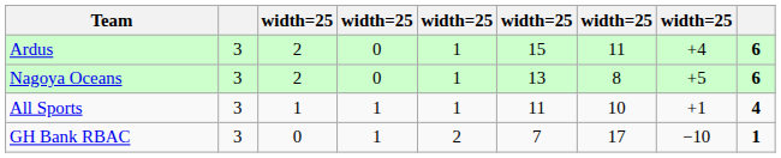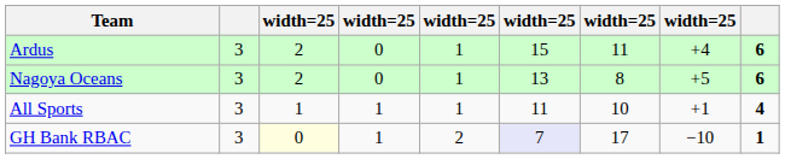 <table class="wikitable" style="text-align: center; font-size: 90%;">
 <tr>
 <th width="165">Team</th>
 <th width=25></th>
 <th>width=25</th>
 <th>width=25</th>
 <th>width=25</th>
 <th>width=25</th>
 <th>width=25</th>
 <th>width=25</th>
 <th width=25></th>
 </tr>
 <tr align=center bgcolor="ccffcc">
 <td style="text-align:left;"> <a href='#'>Ardus</a></td>
 <td>3</td>
 <td>2</td>
 <td>0</td>
 <td>1</td>
 <td>15</td>
 <td>11</td>
 <td>+4</td>
 <td><strong>6</strong></td>
 </tr>
 <tr align=center bgcolor="ccffcc">
 <td style="text-align:left;"> <a href='#'>Nagoya Oceans</a></td>
 <td>3</td>
 <td>2</td>
 <td>0</td>
 <td>1</td>
 <td>13</td>
 <td>8</td>
 <td>+5</td>
 <td><strong>6</strong></td>
 </tr>
 <tr>
 <td style="text-align:left;"> <a href='#'>All Sports</a></td>
 <td>3</td>
 <td>1</td>
 <td>1</td>
 <td>1</td>
 <td>11</td>
 <td>10</td>
 <td>+1</td>
 <td><strong>4</strong></td>
 </tr>
 <tr>
 <td style="text-align:left;"> <a href='#'>GH Bank RBAC</a></td>
 <td>3</td>
-<td>0</td>
+<td style="background: lightyellow;">0</td>
 <td>1</td>
 <td>2</td>
-<td>7</td>
+<td style="background: lavender;">7</td>
 <td>17</td>
 <td>−10</td>
 <td><strong>1</strong></td>
 </tr>
 </table>
